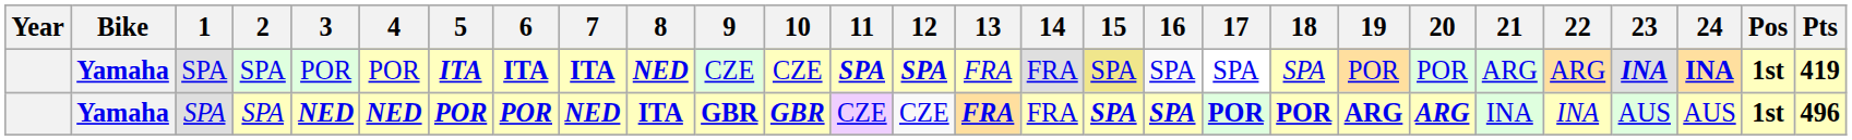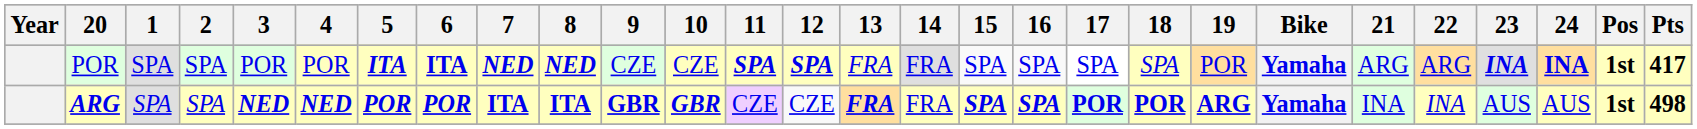 <table class="wikitable" style="text-align:center; font-size:90%;">
 <tr>
 <th>Year</th>
-<th>Bike</th>
+<th>20</th>
 <th>1</th>
 <th>2</th>
 <th>3</th>
 <th>4</th>
 <th>5</th>
 <th>6</th>
 <th>7</th>
 <th>8</th>
 <th>9</th>
 <th>10</th>
 <th>11</th>
 <th>12</th>
 <th>13</th>
 <th>14</th>
 <th>15</th>
 <th>16</th>
 <th>17</th>
 <th>18</th>
 <th>19</th>
-<th>20</th>
+<th>Bike</th>
 <th>21</th>
 <th>22</th>
 <th>23</th>
 <th>24</th>
 <th>Pos</th>
 <th>Pts</th>
 </tr>
 <tr>
 <th></th>
-<th><a href='#'>Yamaha</a></th>
+<td style="background:#DFFFDF;"><a href='#'>POR</a><br></td>
 <td style="background:#DFDFDF;"><a href='#'>SPA</a><br></td>
 <td style="background:#DFFFDF;"><a href='#'>SPA</a><br></td>
 <td style="background:#DFFFDF;"><a href='#'>POR</a><br></td>
 <td style="background:#FFFFBF;"><a href='#'>POR</a><br></td>
 <td style="background:#FFFFBF;"><strong><em><a href='#'>ITA</a></em></strong><br></td>
 <td style="background:#FFFFBF;"><strong><a href='#'>ITA</a></strong><br></td>
-<td style="background:#FFFFBF;"><strong><a href='#'>ITA</a></strong><br></td>
+<td style="background:#FFFFBF;"><strong><em><a href='#'>NED</a></em></strong><br></td>
 <td style="background:#FFFFBF;"><strong><em><a href='#'>NED</a></em></strong><br></td>
 <td style="background:#DFFFDF;"><a href='#'>CZE</a><br></td>
 <td style="background:#FFFFBF;"><a href='#'>CZE</a><br></td>
 <td style="background:#FFFFBF;"><strong><em><a href='#'>SPA</a></em></strong><br></td>
 <td style="background:#FFFFBF;"><strong><em><a href='#'>SPA</a></em></strong><br></td>
 <td style="background:#FFFFBF;"><em><a href='#'>FRA</a></em><br></td>
 <td style="background:#DFDFDF;"><a href='#'>FRA</a><br></td>
-<td style="background: khaki;"><a href='#'>SPA</a></td>
+<td><a href='#'>SPA</a></td>
 <td><a href='#'>SPA</a></td>
 <td style="background:#FFFFFF;"><a href='#'>SPA</a><br></td>
 <td style="background:#FFFFBF;"><em><a href='#'>SPA</a></em><br></td>
 <td style="background:#FFDF9F;"><a href='#'>POR</a><br></td>
-<td style="background:#DFFFDF;"><a href='#'>POR</a><br></td>
+<th><a href='#'>Yamaha</a></th>
 <td style="background:#DFFFDF;"><a href='#'>ARG</a><br></td>
 <td style="background:#FFDF9F;"><a href='#'>ARG</a><br></td>
 <td style="background:#DFDFDF;"><strong><em><a href='#'>INA</a></em></strong><br></td>
 <td style="background:#FFDF9F;"><strong><a href='#'>INA</a></strong><br></td>
 <th style="background:#FFFFBF;">1st</th>
-<th style="background:#FFFFBF;">419</th>
+<th style="background:#FFFFBF;">417</th>
 </tr>
 <tr>
 <th></th>
-<th><a href='#'>Yamaha</a></th>
+<td style="background:#FFFFBF;"><strong><em><a href='#'>ARG</a></em></strong><br></td>
 <td style="background:#DFDFDF;"><em><a href='#'>SPA</a></em><br></td>
 <td style="background:#FFFFBF;"><em><a href='#'>SPA</a></em><br></td>
 <td style="background:#FFFFBF;"><strong><em><a href='#'>NED</a></em></strong><br></td>
 <td style="background:#FFFFBF;"><strong><em><a href='#'>NED</a></em></strong><br></td>
 <td style="background:#FFFFBF;"><strong><em><a href='#'>POR</a></em></strong><br></td>
 <td style="background:#FFFFBF;"><strong><em><a href='#'>POR</a></em></strong><br></td>
-<td style="background:#FFFFBF;"><strong><em><a href='#'>NED</a></em></strong><br></td>
+<td style="background:#FFFFBF;"><strong><a href='#'>ITA</a></strong><br></td>
 <td style="background:#FFFFBF;"><strong><a href='#'>ITA</a></strong><br></td>
 <td style="background:#FFFFBF;"><strong><a href='#'>GBR</a></strong><br></td>
 <td style="background:#FFFFBF;"><strong><em><a href='#'>GBR</a></em></strong><br></td>
 <td style="background:#EFCFFF;"><a href='#'>CZE</a><br></td>
 <td><a href='#'>CZE</a><br></td>
 <td style="background:#FFDF9F;"><strong><em><a href='#'>FRA</a></em><br></strong></td>
 <td style="background:#FFFFBF;"><a href='#'>FRA</a><br></td>
 <td style="background:#FFFFBF;"><strong><em><a href='#'>SPA</a></em></strong><br></td>
 <td style="background:#FFFFBF;"><strong><em><a href='#'>SPA</a></em></strong><br></td>
 <td style="background:#DFFFDF;"><strong><a href='#'>POR</a></strong><br></td>
 <td style="background:#FFFFBF;"><strong><a href='#'>POR</a></strong><br></td>
 <td style="background:#FFFFBF;"><strong><a href='#'>ARG</a></strong><br></td>
-<td style="background:#FFFFBF;"><strong><em><a href='#'>ARG</a></em></strong><br></td>
+<th><a href='#'>Yamaha</a></th>
 <td style="background:#DFFFDF;"><a href='#'>INA</a><br></td>
 <td style="background:#FFFFBF;"><em><a href='#'>INA</a></em><br></td>
 <td style="background:#DFFFDF;"><a href='#'>AUS</a><br></td>
 <td style="background:#FFFFBF;"><a href='#'>AUS</a><br></td>
 <th style="background:#FFFFBF;">1st</th>
-<th style="background:#FFFFBF;">496</th>
+<th style="background:#FFFFBF;">498</th>
 </tr>
 </table>
